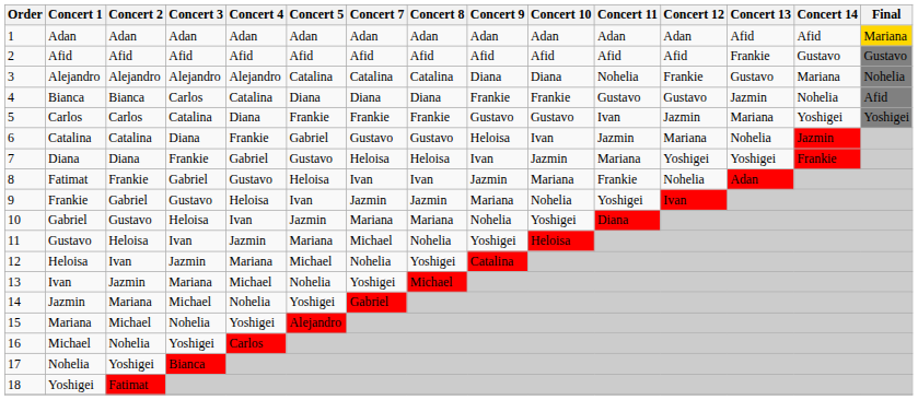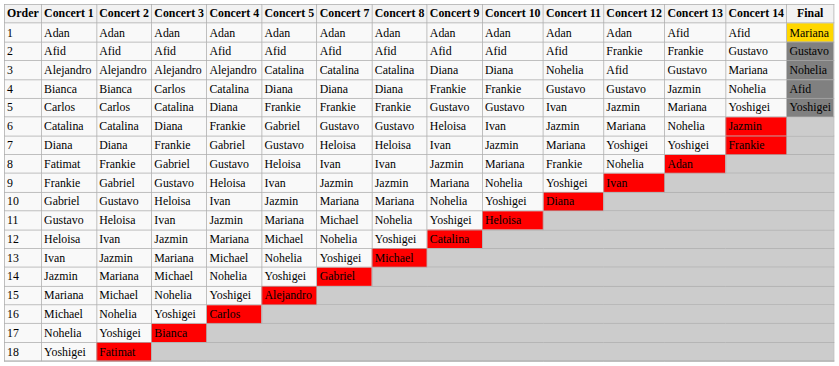 <table class="wikitable sortable" border="1">
 <tr>
 <th>Order</th>
 <th>Concert 1</th>
 <th>Concert 2</th>
 <th>Concert 3</th>
 <th>Concert 4</th>
 <th>Concert 5</th>
 <th>Concert 7</th>
 <th>Concert 8</th>
 <th>Concert 9</th>
 <th>Concert 10</th>
 <th>Concert 11</th>
 <th>Concert 12</th>
 <th>Concert 13</th>
 <th>Concert 14</th>
 <th>Final</th>
 </tr>
 <tr>
 <td>1</td>
 <td>Adan</td>
 <td>Adan</td>
 <td>Adan</td>
 <td>Adan</td>
 <td>Adan</td>
 <td>Adan</td>
 <td>Adan</td>
 <td>Adan</td>
 <td>Adan</td>
 <td>Adan</td>
 <td>Adan</td>
 <td>Afid</td>
 <td>Afid</td>
 <td style="background-color:gold;">Mariana</td>
 </tr>
 <tr>
 <td>2</td>
 <td>Afid</td>
 <td>Afid</td>
 <td>Afid</td>
 <td>Afid</td>
 <td>Afid</td>
 <td>Afid</td>
 <td>Afid</td>
 <td>Afid</td>
 <td>Afid</td>
 <td>Afid</td>
-<td>Afid</td>
+<td>Frankie</td>
 <td>Frankie</td>
 <td>Gustavo</td>
 <td style="background-color:gray;">Gustavo</td>
 </tr>
 <tr>
 <td>3</td>
 <td>Alejandro</td>
 <td>Alejandro</td>
 <td>Alejandro</td>
 <td>Alejandro</td>
 <td>Catalina</td>
 <td>Catalina</td>
 <td>Catalina</td>
 <td>Diana</td>
 <td>Diana</td>
 <td>Nohelia</td>
-<td>Frankie</td>
+<td>Afid</td>
 <td>Gustavo</td>
 <td>Mariana</td>
 <td style="background-color:gray;">Nohelia</td>
 </tr>
 <tr>
 <td>4</td>
 <td>Bianca</td>
 <td>Bianca</td>
 <td>Carlos</td>
 <td>Catalina</td>
 <td>Diana</td>
 <td>Diana</td>
 <td>Diana</td>
 <td>Frankie</td>
 <td>Frankie</td>
 <td>Gustavo</td>
 <td>Gustavo</td>
 <td>Jazmin</td>
 <td>Nohelia</td>
 <td style="background-color:gray;">Afid</td>
 </tr>
 <tr>
 <td>5</td>
 <td>Carlos</td>
 <td>Carlos</td>
 <td>Catalina</td>
 <td>Diana</td>
 <td>Frankie</td>
 <td>Frankie</td>
 <td>Frankie</td>
 <td>Gustavo</td>
 <td>Gustavo</td>
 <td>Ivan</td>
 <td>Jazmin</td>
 <td>Mariana</td>
 <td>Yoshigei</td>
 <td style="background-color:gray;">Yoshigei</td>
 </tr>
 <tr>
 <td>6</td>
 <td>Catalina</td>
 <td>Catalina</td>
 <td>Diana</td>
 <td>Frankie</td>
 <td>Gabriel</td>
 <td>Gustavo</td>
 <td>Gustavo</td>
 <td>Heloisa</td>
 <td>Ivan</td>
 <td>Jazmin</td>
 <td>Mariana</td>
 <td>Nohelia</td>
 <td style="background-color:red;">Jazmin</td>
 <td style="background:#CCCCCC;" colspan="1"></td>
 </tr>
 <tr>
 <td>7</td>
 <td>Diana</td>
 <td>Diana</td>
 <td>Frankie</td>
 <td>Gabriel</td>
 <td>Gustavo</td>
 <td>Heloisa</td>
 <td>Heloisa</td>
 <td>Ivan</td>
 <td>Jazmin</td>
 <td>Mariana</td>
 <td>Yoshigei</td>
 <td>Yoshigei</td>
 <td style="background-color:red;">Frankie</td>
 <td style="background:#CCCCCC;" colspan="2"></td>
 </tr>
 <tr>
 <td>8</td>
 <td>Fatimat</td>
 <td>Frankie</td>
 <td>Gabriel</td>
 <td>Gustavo</td>
 <td>Heloisa</td>
 <td>Ivan</td>
 <td>Ivan</td>
 <td>Jazmin</td>
 <td>Mariana</td>
 <td>Frankie</td>
 <td>Nohelia</td>
 <td style="background-color:red;">Adan</td>
 <td style="background:#CCCCCC;" colspan="3"></td>
 </tr>
 <tr>
 <td>9</td>
 <td>Frankie</td>
 <td>Gabriel</td>
 <td>Gustavo</td>
 <td>Heloisa</td>
 <td>Ivan</td>
 <td>Jazmin</td>
 <td>Jazmin</td>
 <td>Mariana</td>
 <td>Nohelia</td>
 <td>Yoshigei</td>
 <td style="background-color:red;">Ivan</td>
 <td style="background:#CCCCCC;" colspan="4"></td>
 </tr>
 <tr>
 <td>10</td>
 <td>Gabriel</td>
 <td>Gustavo</td>
 <td>Heloisa</td>
 <td>Ivan</td>
 <td>Jazmin</td>
 <td>Mariana</td>
 <td>Mariana</td>
 <td>Nohelia</td>
 <td>Yoshigei</td>
 <td style="background-color:red;">Diana</td>
 <td style="background:#CCCCCC;" colspan="5"></td>
 </tr>
 <tr>
 <td>11</td>
 <td>Gustavo</td>
 <td>Heloisa</td>
 <td>Ivan</td>
 <td>Jazmin</td>
 <td>Mariana</td>
 <td>Michael</td>
 <td>Nohelia</td>
 <td>Yoshigei</td>
 <td style="background-color:red;">Heloisa</td>
 <td style="background:#CCCCCC;" colspan="6"></td>
 </tr>
 <tr>
 <td>12</td>
 <td>Heloisa</td>
 <td>Ivan</td>
 <td>Jazmin</td>
 <td>Mariana</td>
 <td>Michael</td>
 <td>Nohelia</td>
 <td>Yoshigei</td>
 <td style="background-color:red;">Catalina</td>
 <td style="background:#CCCCCC;" colspan="7"></td>
 </tr>
 <tr>
 <td>13</td>
 <td>Ivan</td>
 <td>Jazmin</td>
 <td>Mariana</td>
 <td>Michael</td>
 <td>Nohelia</td>
 <td>Yoshigei</td>
 <td style="background-color:red;">Michael</td>
 <td style="background:#CCCCCC;" colspan="8"></td>
 </tr>
 <tr>
 <td>14</td>
 <td>Jazmin</td>
 <td>Mariana</td>
 <td>Michael</td>
 <td>Nohelia</td>
 <td>Yoshigei</td>
 <td style="background-color:red;">Gabriel</td>
 <td style="background:#CCCCCC;" colspan="9"></td>
 </tr>
 <tr>
 <td>15</td>
 <td>Mariana</td>
 <td>Michael</td>
 <td>Nohelia</td>
 <td>Yoshigei</td>
 <td style="background-color:red;">Alejandro</td>
 <td style="background:#CCCCCC;" colspan="10"></td>
 </tr>
 <tr>
 <td>16</td>
 <td>Michael</td>
 <td>Nohelia</td>
 <td>Yoshigei</td>
 <td style="background-color:red;">Carlos</td>
 <td style="background:#CCCCCC;" colspan="11"></td>
 </tr>
 <tr>
 <td>17</td>
 <td>Nohelia</td>
 <td>Yoshigei</td>
 <td style="background-color:red;">Bianca</td>
 <td style="background:#CCCCCC;" colspan="12"></td>
 </tr>
 <tr>
 <td>18</td>
 <td>Yoshigei</td>
 <td style="background-color:red;">Fatimat</td>
 <td style="background:#CCCCCC;" colspan="13"></td>
 </tr>
 <tr>
 </tr>
 </table>
